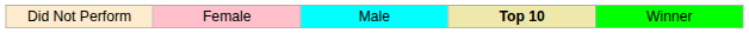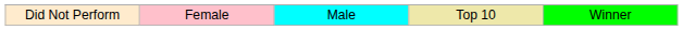 <table class="wikitable" style="margin:1em auto; text-align:center;">
 <tr>
 </tr>
 <tr>
 <td style="background:#FFEBCD;" width="15%">Did Not Perform</td>
 <td style="background:pink;" width="15%">Female</td>
 <td style="background:cyan;" width="15%">Male</td>
-<td style="background:palegoldenrod;" width="15%"><strong>Top 10</strong></td>
+<td style="background:palegoldenrod;" width="15%">Top 10</td>
 <td style="background:lime;" width="15%">Winner</td>
 </tr>
 </table>
